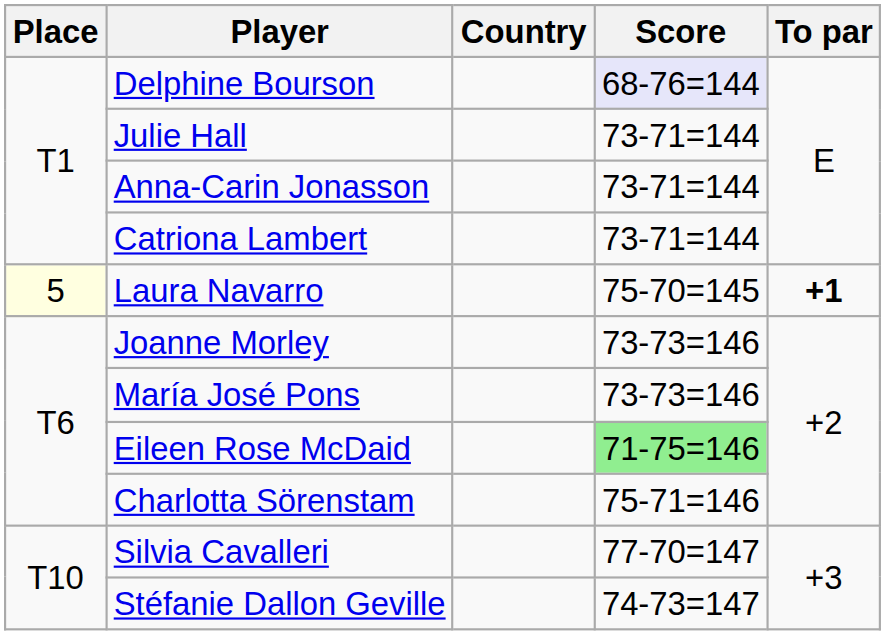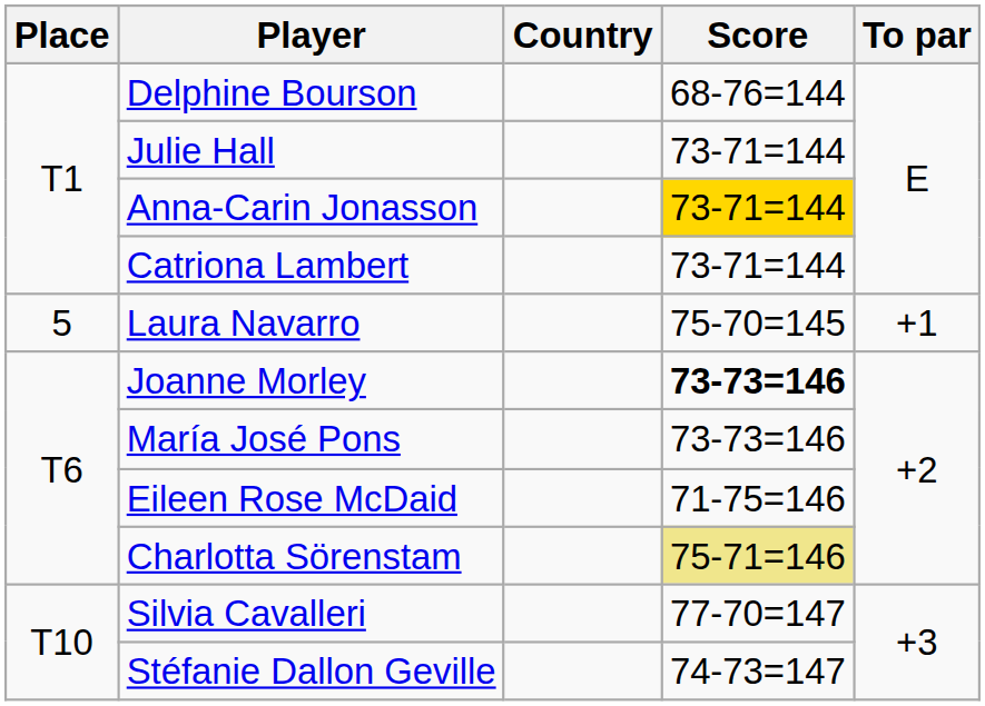 <table class="wikitable" style="font-size:95%;">
 <tr>
 <th>Place</th>
 <th>Player</th>
 <th>Country</th>
 <th>Score</th>
 <th>To par</th>
 </tr>
 <tr>
 <td rowspan="4" align="center">T1</td>
 <td><a href='#'>Delphine Bourson</a></td>
 <td></td>
-<td align=center style="background: lavender;">68-76=144</td>
+<td align=center>68-76=144</td>
 <td rowspan="4" align="center">E</td>
 </tr>
 <tr>
 <td><a href='#'>Julie Hall</a></td>
 <td></td>
 <td align=center>73-71=144</td>
 </tr>
 <tr>
 <td><a href='#'>Anna-Carin Jonasson</a></td>
 <td></td>
-<td align=center>73-71=144</td>
+<td align=center style="background: gold;">73-71=144</td>
 </tr>
 <tr>
 <td><a href='#'>Catriona Lambert</a></td>
 <td></td>
 <td align=center>73-71=144</td>
 </tr>
 <tr>
-<td align="center" style="background: lightyellow;">5</td>
+<td align="center">5</td>
 <td><a href='#'>Laura Navarro</a></td>
 <td></td>
 <td align="center">75-70=145</td>
-<td align="center"><strong>+1</strong></td>
+<td align="center">+1</td>
 </tr>
 <tr>
 <td rowspan="4" align="center">T6</td>
 <td><a href='#'>Joanne Morley</a></td>
 <td></td>
-<td align="center">73-73=146</td>
+<td align="center"><strong>73-73=146</strong></td>
 <td rowspan="4" align="center">+2</td>
 </tr>
 <tr>
 <td><a href='#'>María José Pons</a></td>
 <td></td>
 <td align="center">73-73=146</td>
 </tr>
 <tr>
 <td><a href='#'>Eileen Rose McDaid</a></td>
 <td></td>
-<td align="center" style="background: lightgreen;">71-75=146</td>
+<td align="center">71-75=146</td>
 </tr>
 <tr>
 <td><a href='#'>Charlotta Sörenstam</a></td>
 <td></td>
-<td align=center>75-71=146</td>
+<td align=center style="background: khaki;">75-71=146</td>
 </tr>
 <tr>
 <td rowspan="2" align=center>T10</td>
 <td><a href='#'>Silvia Cavalleri</a></td>
 <td></td>
 <td align=center>77-70=147</td>
 <td rowspan="2"  align=center>+3</td>
 </tr>
 <tr>
 <td><a href='#'>Stéfanie Dallon Geville</a></td>
 <td></td>
 <td align=center>74-73=147</td>
 </tr>
 </table>
